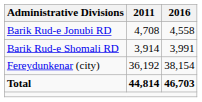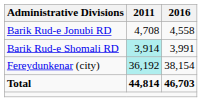 <table class="wikitable">
 <tr>
 <th>Administrative Divisions</th>
 <th>2011</th>
 <th>2016</th>
 </tr>
 <tr>
 <td><a href='#'>Barik Rud-e Jonubi RD</a></td>
 <td style="text-align: right;">4,708</td>
 <td style="text-align: right;">4,558</td>
 </tr>
 <tr>
 <td><a href='#'>Barik Rud-e Shomali RD</a></td>
-<td style="text-align: right;">3,914</td>
+<td style="background: paleturquoise; text-align: right;">3,914</td>
 <td style="text-align: right;">3,991</td>
 </tr>
 <tr>
 <td><a href='#'>Fereydunkenar</a> (city)</td>
-<td style="text-align: right;">36,192</td>
+<td style="background: paleturquoise; text-align: right;">36,192</td>
 <td style="text-align: right;">38,154</td>
 </tr>
 <tr>
 <td><strong>Total</strong></td>
 <td style="text-align: right;"><strong>44,814</strong></td>
 <td style="text-align: right;"><strong>46,703</strong></td>
 </tr>
 <tr>
 <td colspan=3></td>
 </tr>
 </table>
